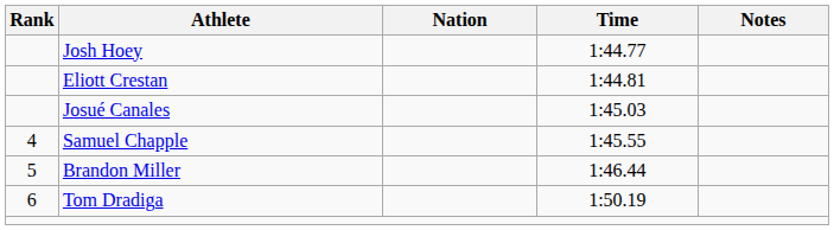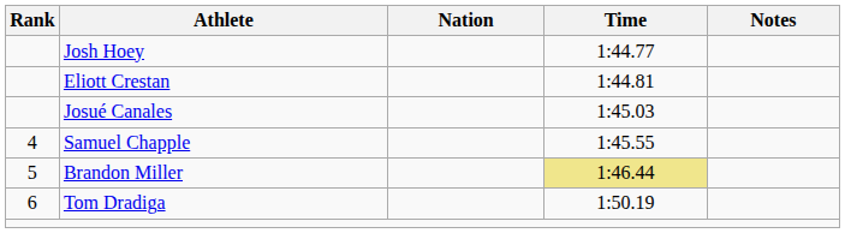 <table class="wikitable sortable" style="text-align:center;width: 55%;">
 <tr>
 <th scope="col" style="width: 10px;">Rank</th>
 <th scope="col">Athlete</th>
 <th scope="col">Nation</th>
 <th scope="col">Time</th>
 <th scope="col">Notes</th>
 </tr>
 <tr>
 <td></td>
 <td align=left><a href='#'>Josh Hoey</a></td>
 <td align=left></td>
 <td>1:44.77</td>
 <td></td>
 </tr>
 <tr>
 <td></td>
 <td align=left><a href='#'>Eliott Crestan</a></td>
 <td align=left></td>
 <td>1:44.81</td>
 <td></td>
 </tr>
 <tr>
 <td></td>
 <td align=left><a href='#'>Josué Canales</a></td>
 <td align=left></td>
 <td>1:45.03</td>
 <td></td>
 </tr>
 <tr>
 <td>4</td>
 <td align=left><a href='#'>Samuel Chapple</a></td>
 <td align=left></td>
 <td>1:45.55</td>
 <td></td>
 </tr>
 <tr>
 <td>5</td>
 <td align=left><a href='#'>Brandon Miller</a></td>
 <td align=left></td>
-<td>1:46.44</td>
+<td style="background: khaki;">1:46.44</td>
 <td></td>
 </tr>
 <tr>
 <td>6</td>
 <td align=left><a href='#'>Tom Dradiga</a></td>
 <td align=left></td>
 <td>1:50.19</td>
 <td></td>
 </tr>
 <tr class="sortbottom">
 <td colspan="5"></td>
 </tr>
 </table>
